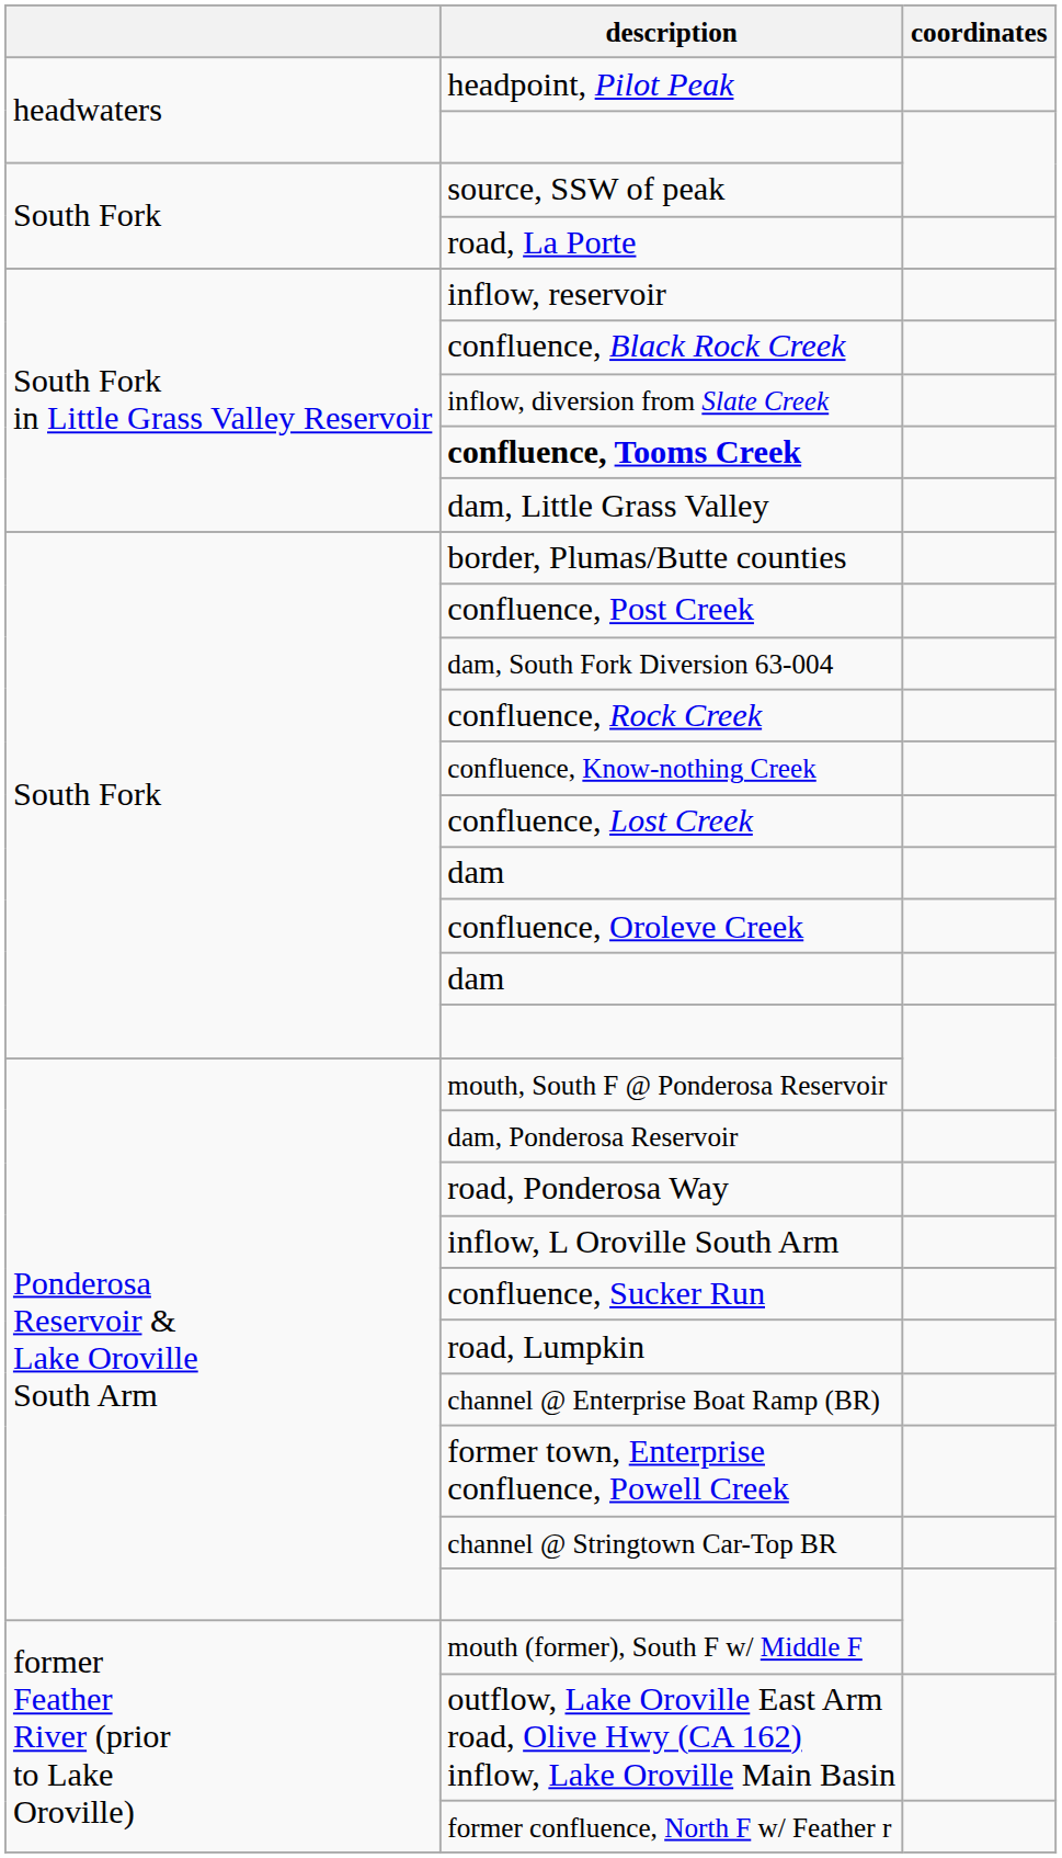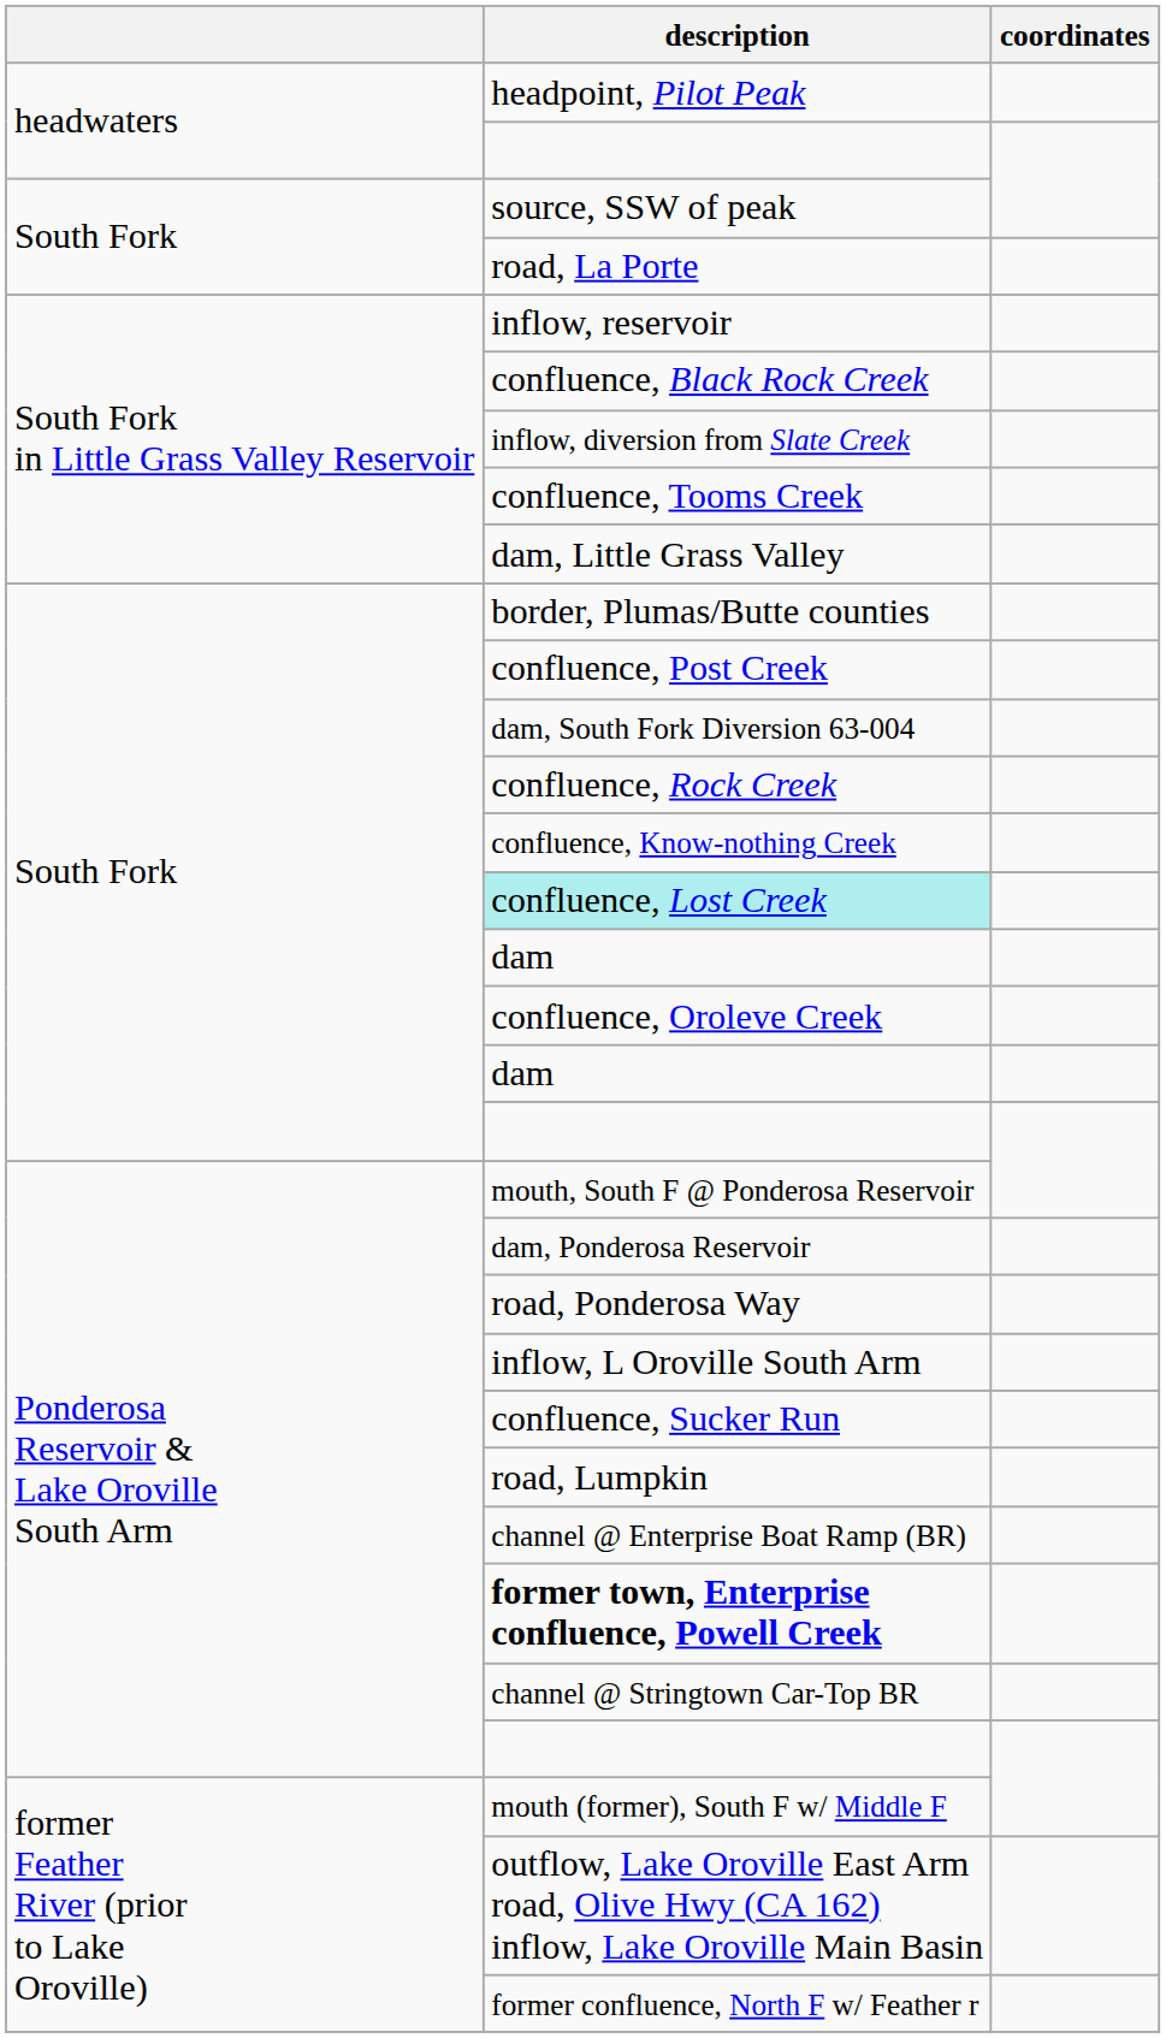 <table class="wikitable sortable">
 <tr>
 <th><small></small></th>
 <th><small>description</small></th>
 <th><small>coordinates</small></th>
 </tr>
 <tr>
 <td rowspan=2>headwaters</td>
 <td>headpoint, <em><a href='#'>Pilot Peak</a></em></td>
 <td><small></small></td>
 </tr>
 <tr>
 <td><br></td>
 <td rowspan=2><small></small></td>
 </tr>
 <tr>
 <td rowspan=2>South Fork</td>
 <td>source, SSW of peak</td>
 </tr>
 <tr>
 <td>road, <a href='#'>La Porte</a></td>
 <td></td>
 </tr>
 <tr>
 <td rowspan=5>South Fork<br>in <a href='#'>Little Grass Valley Reservoir</a></td>
 <td>inflow, reservoir</td>
 <td><small></small></td>
 </tr>
 <tr>
 <td>confluence, <em><a href='#'>Black Rock Creek</a></em></td>
 <td></td>
 </tr>
 <tr>
 <td><small>inflow, diversion from <em><a href='#'>Slate Creek</a></em></small></td>
 <td></td>
 </tr>
 <tr>
-<td><strong>confluence, <a href='#'>Tooms Creek</a></strong></td>
+<td>confluence, <a href='#'>Tooms Creek</a></td>
 <td></td>
 </tr>
 <tr>
 <td>dam, Little Grass Valley</td>
 <td><small></small></td>
 </tr>
 <tr>
 <td rowspan=10>South Fork</td>
 <td>border, Plumas/Butte counties</td>
 <td></td>
 </tr>
 <tr>
 <td>confluence, <a href='#'>Post Creek</a></td>
 <td><small></small></td>
 </tr>
 <tr>
 <td><small>dam, South Fork Diversion 63-004</small></td>
 <td><small></small></td>
 </tr>
 <tr>
 <td>confluence, <em><a href='#'>Rock Creek</a></em></td>
 <td><small></small></td>
 </tr>
 <tr>
 <td><small>confluence, <a href='#'>Know-nothing Creek</a></small></td>
 <td><small></small></td>
 </tr>
 <tr>
-<td>confluence, <em><a href='#'>Lost Creek</a></em></td>
+<td style="background: paleturquoise;">confluence, <em><a href='#'>Lost Creek</a></em></td>
 <td><small></small></td>
 </tr>
 <tr>
 <td>dam</td>
 <td><small></small></td>
 </tr>
 <tr>
 <td>confluence, <a href='#'>Oroleve Creek</a></td>
 <td><small></small></td>
 </tr>
 <tr>
 <td>dam</td>
 <td><small></small></td>
 </tr>
 <tr>
 <td><br></td>
 <td rowspan=2><small></small></td>
 </tr>
 <tr>
 <td rowspan=10><a href='#'>Ponderosa<br>Reservoir</a> &<br><a href='#'>Lake Oroville</a><br>South Arm</td>
 <td><small>mouth, South F @ Ponderosa Reservoir</small></td>
 </tr>
 <tr>
 <td><small>dam, Ponderosa Reservoir</small></td>
 <td><small></small></td>
 </tr>
 <tr>
 <td>road, Ponderosa Way</td>
 <td><small></small></td>
 </tr>
 <tr>
 <td>inflow, L Oroville South Arm</td>
 <td><small></small></td>
 </tr>
 <tr>
 <td>confluence, <a href='#'>Sucker Run</a></td>
 <td><small></small></td>
 </tr>
 <tr>
 <td>road, Lumpkin</td>
 <td><small></small></td>
 </tr>
 <tr>
 <td><small>channel @ Enterprise Boat Ramp (BR)</small></td>
 <td></td>
 </tr>
 <tr>
-<td>former town, <a href='#'>Enterprise</a><br>confluence, <a href='#'>Powell Creek</a></td>
+<td><strong>former town, <a href='#'>Enterprise</a><br>confluence, <a href='#'>Powell Creek</a></strong></td>
 <td><small></small></td>
 </tr>
 <tr>
 <td><small>channel @ Stringtown Car-Top BR</small></td>
 <td></td>
 </tr>
 <tr>
 <td><br></td>
 <td rowspan=2><small></small></td>
 </tr>
 <tr>
 <td rowspan=3>former<br><a href='#'>Feather<br>River</a> (prior<br>to Lake<br>Oroville)</td>
 <td><small>mouth (former), South F w/ <a href='#'>Middle F</a></small></td>
 </tr>
 <tr>
 <td>outflow, <a href='#'>Lake Oroville</a> East Arm<br>road, <a href='#'>Olive Hwy (CA 162)</a><br> inflow, <a href='#'>Lake Oroville</a> Main Basin</td>
 <td><small></small></td>
 </tr>
 <tr>
 <td><small>former confluence, <a href='#'>North F</a> w/ Feather r</small></td>
 <td><small></small></td>
 </tr>
 </table>
